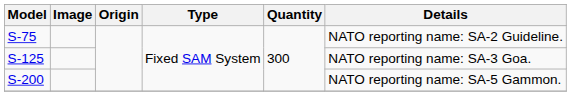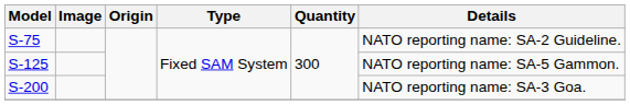 <table class="wikitable">
 <tr bgco>
 <th>Model</th>
 <th>Image</th>
 <th>Origin</th>
 <th>Type</th>
 <th>Quantity</th>
 <th>Details</th>
 </tr>
 <tr>
 <td><a href='#'>S-75</a></td>
 <td></td>
 <td rowspan="3"></td>
 <td rowspan="3">Fixed <a href='#'>SAM</a> System</td>
 <td rowspan="3">300</td>
 <td>NATO reporting name: SA-2 Guideline.</td>
 </tr>
 <tr>
 <td><a href='#'>S-125</a></td>
 <td></td>
-<td>NATO reporting name: SA-3 Goa.</td>
+<td>NATO reporting name: SA-5 Gammon.</td>
 </tr>
 <tr>
 <td><a href='#'>S-200</a></td>
 <td></td>
-<td>NATO reporting name: SA-5 Gammon.</td>
+<td>NATO reporting name: SA-3 Goa.</td>
 </tr>
 <tr>
 </tr>
 </table>
